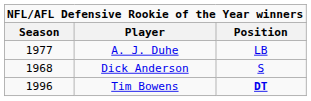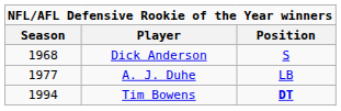 <table class="wikitable" style="text-align:center">
 <tr>
 <td colspan="3"><strong>NFL/AFL Defensive Rookie of the Year winners</strong></td>
 </tr>
 <tr>
 <th>Season</th>
 <th>Player</th>
 <th>Position</th>
 </tr>
 <tr>
+<td>1968</td>
+<td><a href='#'>Dick Anderson</a></td>
+<td><a href='#'>S</a></td>
+</tr>
+<tr>
 <td>1977</td>
 <td><a href='#'>A. J. Duhe</a></td>
 <td><a href='#'>LB</a></td>
 </tr>
 <tr>
-<td>1968</td>
-<td><a href='#'>Dick Anderson</a></td>
-<td><a href='#'>S</a></td>
-</tr>
-<tr>
-<td>1996</td>
+<td>1994</td>
 <td><a href='#'>Tim Bowens</a></td>
 <td><strong><a href='#'>DT</a></strong></td>
 </tr>
 </table>
